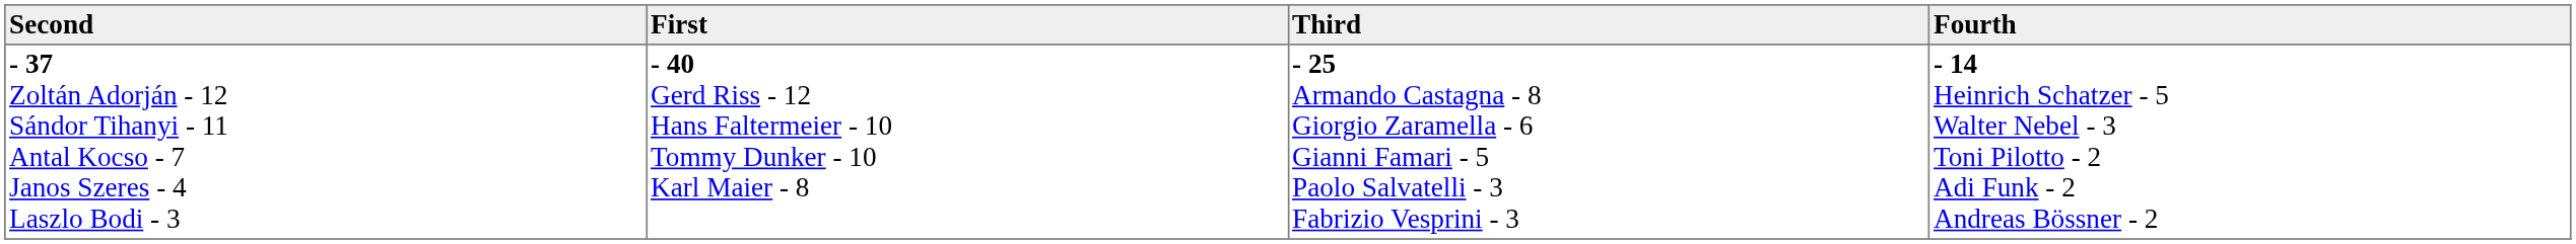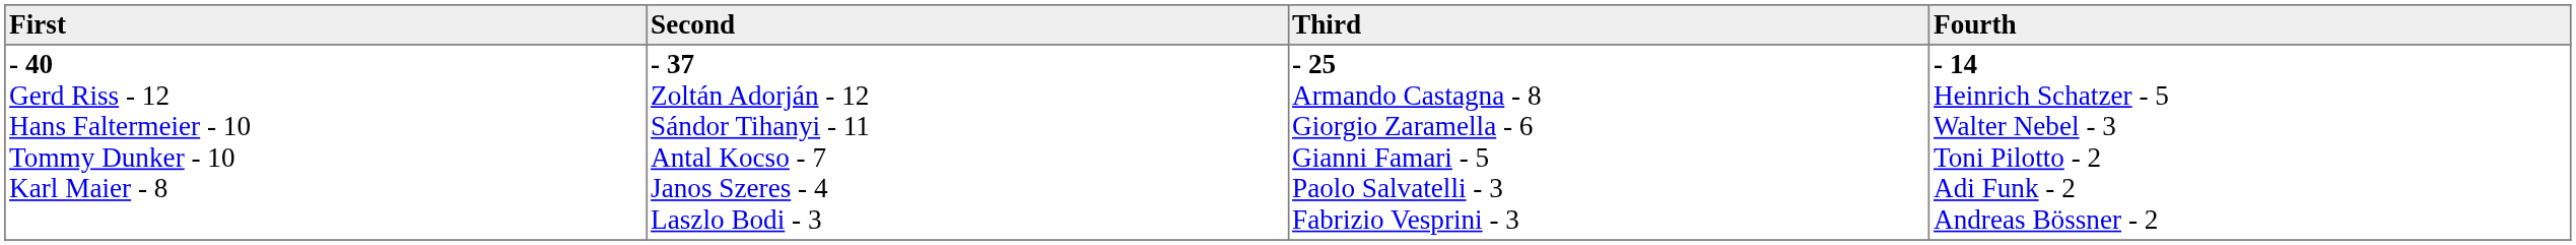 <table border=1 cellpadding=2 cellspacing=0 width=75% style="border-collapse:collapse">
 <tr align=left style="background:#efefef;">
+<th width=20%>First</th>
 <th width=20%>Second</th>
-<th width=20%>First</th>
 <th width=20%>Third</th>
 <th width=20%>Fourth</th>
 </tr>
 <tr align=left>
+<td valign=top><strong> - 40</strong><br><a href='#'>Gerd Riss</a> - 12 <br><a href='#'>Hans Faltermeier</a> - 10 <br><a href='#'>Tommy Dunker</a> - 10 <br><a href='#'>Karl Maier</a> - 8</td>
 <td valign=top><strong> - 37</strong><br><a href='#'>Zoltán Adorján</a> - 12 <br><a href='#'>Sándor Tihanyi</a> - 11 <br><a href='#'>Antal Kocso</a> - 7 <br><a href='#'>Janos Szeres</a> - 4 <br><a href='#'>Laszlo Bodi</a> - 3</td>
-<td valign=top><strong> - 40</strong><br><a href='#'>Gerd Riss</a> - 12 <br><a href='#'>Hans Faltermeier</a> - 10 <br><a href='#'>Tommy Dunker</a> - 10 <br><a href='#'>Karl Maier</a> - 8</td>
 <td valign=top><strong> - 25</strong><br><a href='#'>Armando Castagna</a> - 8 <br><a href='#'>Giorgio Zaramella</a> - 6 <br><a href='#'>Gianni Famari</a> - 5 <br><a href='#'>Paolo Salvatelli</a> - 3 <br><a href='#'>Fabrizio Vesprini</a> - 3</td>
 <td valign=top><strong> - 14</strong><br><a href='#'>Heinrich Schatzer</a> - 5 <br><a href='#'>Walter Nebel</a> - 3 <br><a href='#'>Toni Pilotto</a> - 2 <br><a href='#'>Adi Funk</a> - 2 <br><a href='#'>Andreas Bössner</a> - 2</td>
 </tr>
 </table>
